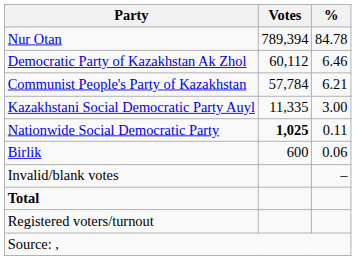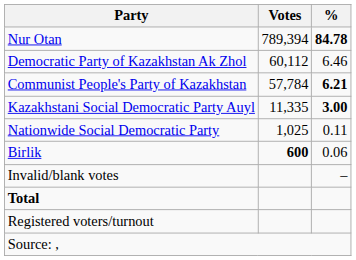 <table class=wikitable style=text-align:right>
 <tr>
 <th>Party</th>
 <th>Votes</th>
 <th>%</th>
 </tr>
 <tr>
 <td align=left><a href='#'>Nur Otan</a></td>
 <td>789,394</td>
-<td>84.78</td>
+<td><strong>84.78</strong></td>
 </tr>
 <tr>
 <td align=left><a href='#'>Democratic Party of Kazakhstan Ak Zhol</a></td>
 <td>60,112</td>
 <td>6.46</td>
 </tr>
 <tr>
 <td align=left><a href='#'>Communist People's Party of Kazakhstan</a></td>
 <td>57,784</td>
-<td>6.21</td>
+<td><strong>6.21</strong></td>
 </tr>
 <tr>
 <td align=left><a href='#'>Kazakhstani Social Democratic Party Auyl</a></td>
 <td>11,335</td>
-<td>3.00</td>
+<td><strong>3.00</strong></td>
 </tr>
 <tr>
 <td align=left><a href='#'>Nationwide Social Democratic Party</a></td>
-<td><strong>1,025</strong></td>
+<td>1,025</td>
 <td>0.11</td>
 </tr>
 <tr>
 <td align=left><a href='#'>Birlik</a></td>
-<td>600</td>
+<td><strong>600</strong></td>
 <td>0.06</td>
 </tr>
 <tr>
 <td align=left>Invalid/blank votes</td>
 <td></td>
 <td>–</td>
 </tr>
 <tr>
 <td align=left><strong>Total</strong></td>
 <td></td>
 <td></td>
 </tr>
 <tr>
 <td align=left>Registered voters/turnout</td>
 <td></td>
 <td></td>
 </tr>
 <tr>
 <td style="text-align:left;" colspan="5">Source: , </td>
 </tr>
 </table>
